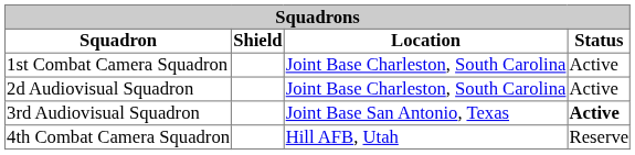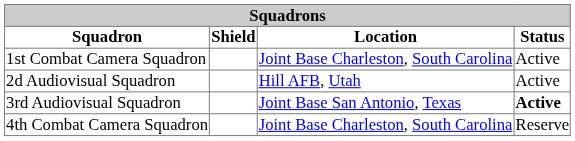 <table border="1" style="border-collapse: collapse;">
 <tr bgcolor="cccccc">
 <td colspan="4" align="center"><strong>Squadrons</strong></td>
 </tr>
 <tr>
 <th>Squadron</th>
 <th>Shield</th>
 <th>Location</th>
 <th>Status</th>
 </tr>
 <tr>
 <td>1st Combat Camera Squadron</td>
 <td></td>
 <td><a href='#'>Joint Base Charleston</a>, <a href='#'>South Carolina</a></td>
 <td>Active</td>
 </tr>
 <tr>
 <td>2d Audiovisual Squadron</td>
 <td></td>
-<td><a href='#'>Joint Base Charleston</a>, <a href='#'>South Carolina</a></td>
+<td><a href='#'>Hill AFB</a>, <a href='#'>Utah</a></td>
 <td>Active</td>
 </tr>
 <tr>
 <td>3rd Audiovisual Squadron</td>
 <td></td>
 <td><a href='#'>Joint Base San Antonio</a>, <a href='#'>Texas</a></td>
 <td><strong>Active</strong></td>
 </tr>
 <tr>
 <td>4th Combat Camera Squadron</td>
 <td></td>
-<td><a href='#'>Hill AFB</a>, <a href='#'>Utah</a></td>
+<td><a href='#'>Joint Base Charleston</a>, <a href='#'>South Carolina</a></td>
 <td>Reserve</td>
 </tr>
 </table>
